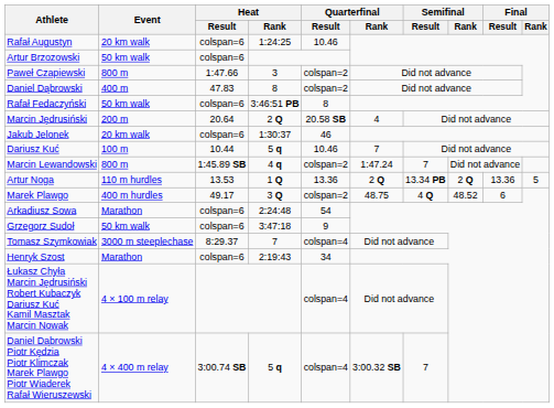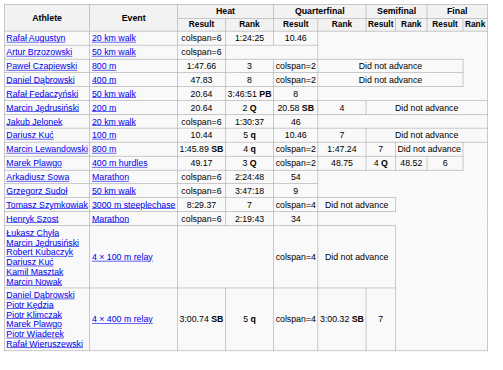 <table class=wikitable style="font-size:90%">
 <tr>
 <th rowspan="2">Athlete</th>
 <th rowspan="2">Event</th>
 <th colspan="2">Heat</th>
 <th colspan="2">Quarterfinal</th>
 <th colspan="2">Semifinal</th>
 <th colspan="2">Final</th>
 </tr>
 <tr style="font-size:95%">
 <th>Result</th>
 <th>Rank</th>
 <th>Result</th>
 <th>Rank</th>
 <th>Result</th>
 <th>Rank</th>
 <th>Result</th>
 <th>Rank</th>
 </tr>
 <tr align=center>
 <td align=left><a href='#'>Rafał Augustyn</a></td>
 <td align=left><a href='#'>20 km walk</a></td>
 <td>colspan=6 </td>
 <td>1:24:25</td>
 <td>10.46</td>
 </tr>
 <tr align=center>
 <td align=left><a href='#'>Artur Brzozowski</a></td>
 <td align=left><a href='#'>50 km walk</a></td>
 <td>colspan=6 </td>
 <td colspan=2></td>
 </tr>
 <tr align=center>
 <td align=left><a href='#'>Paweł Czapiewski</a></td>
 <td align=left><a href='#'>800 m</a></td>
 <td>1:47.66</td>
 <td>3</td>
 <td>colspan=2 </td>
 <td colspan=4>Did not advance</td>
 </tr>
 <tr align=center>
 <td align=left><a href='#'>Daniel Dąbrowski</a></td>
 <td align=left><a href='#'>400 m</a></td>
 <td>47.83</td>
 <td>8</td>
 <td>colspan=2 </td>
 <td colspan=4>Did not advance</td>
 </tr>
 <tr align=center>
 <td align=left><a href='#'>Rafał Fedaczyński</a></td>
 <td align=left><a href='#'>50 km walk</a></td>
-<td>colspan=6 </td>
+<td>20.64</td>
 <td>3:46:51 <strong>PB</strong></td>
 <td>8</td>
 </tr>
 <tr align=center>
 <td align=left><a href='#'>Marcin Jędrusiński</a></td>
 <td align=left><a href='#'>200 m</a></td>
 <td>20.64</td>
 <td>2 <strong>Q</strong></td>
 <td>20.58 <strong>SB</strong></td>
 <td>4</td>
 <td colspan=4>Did not advance</td>
 </tr>
 <tr align=center>
 <td align=left><a href='#'>Jakub Jelonek</a></td>
 <td align=left><a href='#'>20 km walk</a></td>
 <td>colspan=6 </td>
 <td>1:30:37</td>
 <td>46</td>
 </tr>
 <tr align=center>
 <td align=left><a href='#'>Dariusz Kuć</a></td>
 <td align=left><a href='#'>100 m</a></td>
 <td>10.44</td>
 <td>5 <strong>q</strong></td>
 <td>10.46</td>
 <td>7</td>
 <td colspan=4>Did not advance</td>
 </tr>
 <tr align=center>
 <td align=left><a href='#'>Marcin Lewandowski</a></td>
 <td align=left><a href='#'>800 m</a></td>
 <td>1:45.89 <strong>SB</strong></td>
 <td>4 <strong>q</strong></td>
 <td>colspan=2 </td>
 <td>1:47.24</td>
 <td>7</td>
 <td colspan=2>Did not advance</td>
-</tr>
-<tr align=center>
-<td align=left><a href='#'>Artur Noga</a></td>
-<td align=left><a href='#'>110 m hurdles</a></td>
-<td>13.53</td>
-<td>1 <strong>Q</strong></td>
-<td>13.36</td>
-<td>2 <strong>Q</strong></td>
-<td>13.34 <strong>PB</strong></td>
-<td>2 <strong>Q</strong></td>
-<td>13.36</td>
-<td>5</td>
 </tr>
 <tr align=center>
 <td align=left><a href='#'>Marek Plawgo</a></td>
 <td align=left><a href='#'>400 m hurdles</a></td>
 <td>49.17</td>
 <td>3 <strong>Q</strong></td>
 <td>colspan=2 </td>
 <td>48.75</td>
 <td>4 <strong>Q</strong></td>
 <td>48.52</td>
 <td>6</td>
 </tr>
 <tr align=center>
 <td align=left><a href='#'>Arkadiusz Sowa</a></td>
 <td align=left><a href='#'>Marathon</a></td>
 <td>colspan=6 </td>
 <td>2:24:48</td>
 <td>54</td>
 </tr>
 <tr align=center>
 <td align=left><a href='#'>Grzegorz Sudoł</a></td>
 <td align=left><a href='#'>50 km walk</a></td>
 <td>colspan=6 </td>
 <td>3:47:18</td>
 <td>9</td>
 </tr>
 <tr align=center>
 <td align=left><a href='#'>Tomasz Szymkowiak</a></td>
 <td align=left><a href='#'>3000 m steeplechase</a></td>
 <td>8:29.37</td>
 <td>7</td>
 <td>colspan=4 </td>
 <td colspan=2>Did not advance</td>
 </tr>
 <tr align=center>
 <td align=left><a href='#'>Henryk Szost</a></td>
 <td align=left><a href='#'>Marathon</a></td>
 <td>colspan=6 </td>
 <td>2:19:43</td>
 <td>34</td>
 </tr>
 <tr align=center>
 <td align=left><a href='#'>Łukasz Chyła</a><br><a href='#'>Marcin Jędrusiński</a><br><a href='#'>Robert Kubaczyk</a><br><a href='#'>Dariusz Kuć</a><br><a href='#'>Kamil Masztak</a><br><a href='#'>Marcin Nowak</a></td>
 <td align=left><a href='#'>4 × 100 m relay</a></td>
 <td colspan=2></td>
 <td>colspan=4 </td>
 <td colspan=2>Did not advance</td>
 </tr>
 <tr align=center>
 <td align=left><a href='#'>Daniel Dąbrowski</a><br><a href='#'>Piotr Kędzia</a><br><a href='#'>Piotr Klimczak</a><br><a href='#'>Marek Plawgo</a><br><a href='#'>Piotr Wiaderek</a><br><a href='#'>Rafał Wieruszewski</a></td>
 <td align=left><a href='#'>4 × 400 m relay</a></td>
 <td>3:00.74 <strong>SB</strong></td>
 <td>5 <strong>q</strong></td>
 <td>colspan=4 </td>
 <td>3:00.32 <strong>SB</strong></td>
 <td>7</td>
 </tr>
 </table>
